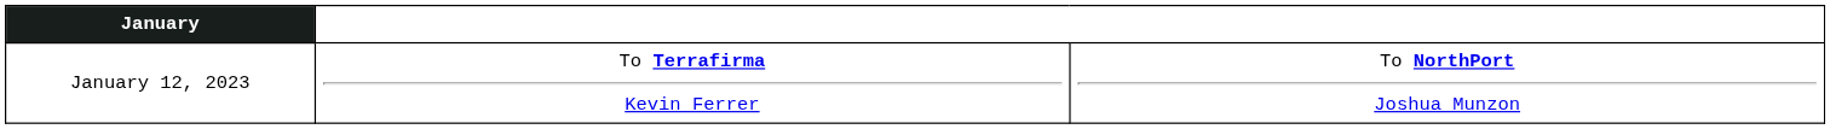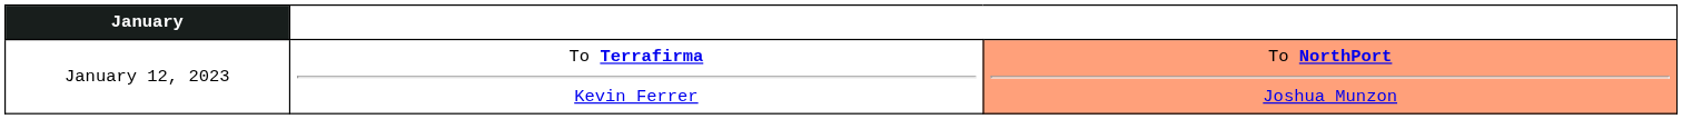 <table border=1 style="border-collapse:collapse; text-align: center; width: 100%" bordercolor="#000000"  cellpadding="5">
 <tr bgcolor="eeeeee">
 <th style="background:#181E1C; color:#FFFFFF; ">January</th>
 </tr>
 <tr>
 <td style="width:12%">January 12, 2023</td>
 <td style="width:29.3%" valign="top">To <strong><a href='#'>Terrafirma</a></strong><hr><a href='#'>Kevin Ferrer</a></td>
-<td style="width:29.3%" valign="top">To <strong><a href='#'>NorthPort</a></strong><hr><a href='#'>Joshua Munzon</a></td>
+<td style="background: lightsalmon; width:29.3%" valign="top">To <strong><a href='#'>NorthPort</a></strong><hr><a href='#'>Joshua Munzon</a></td>
 </tr>
 </table>
